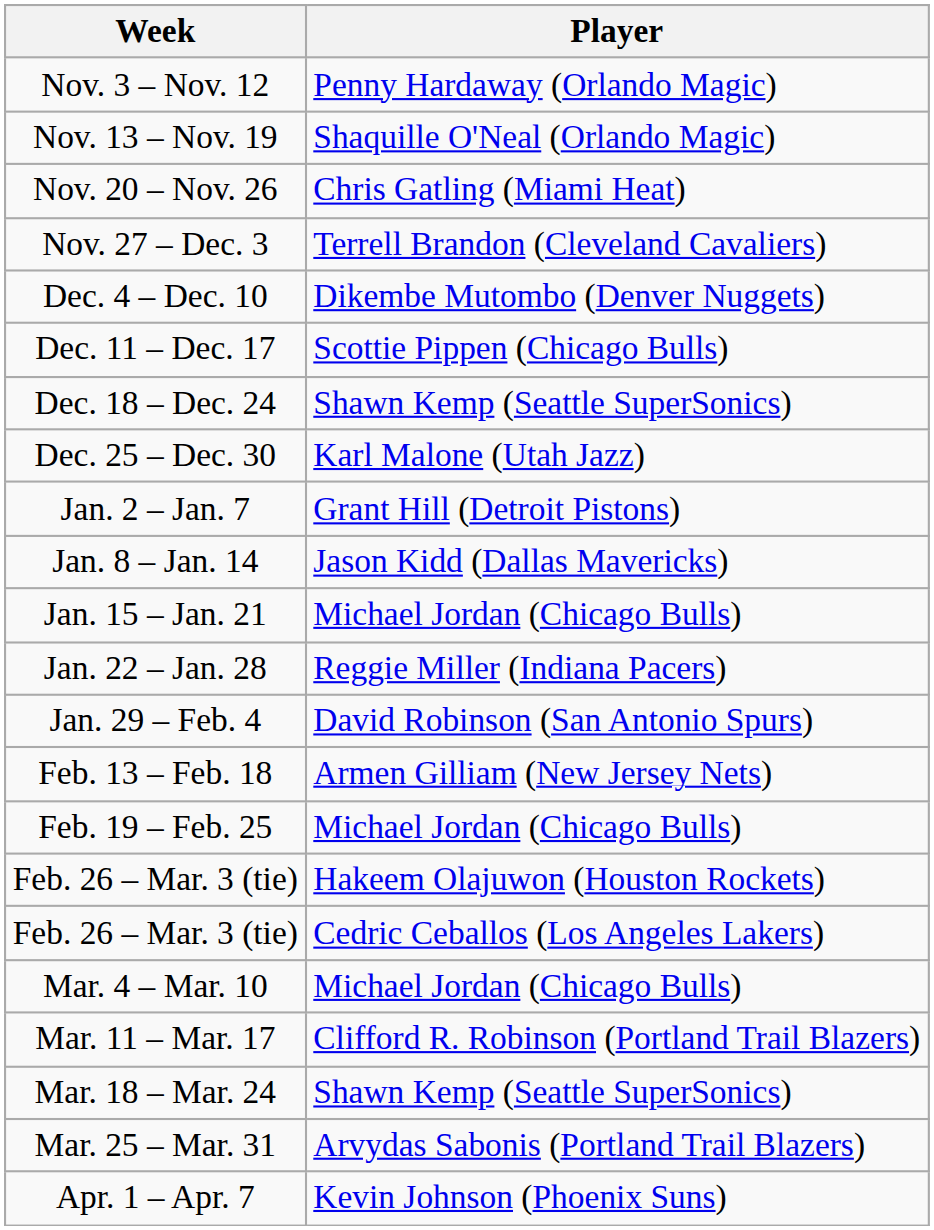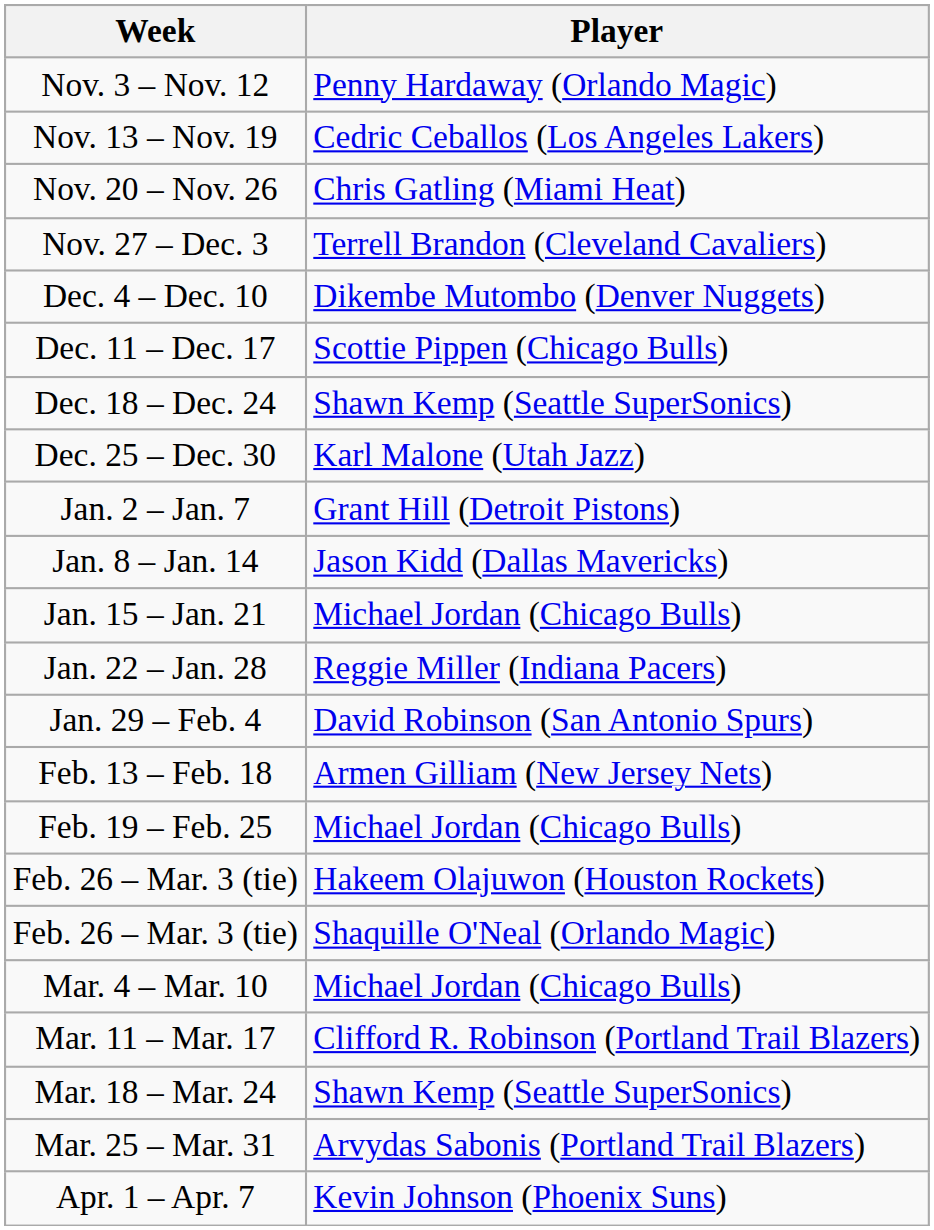 <table class="wikitable">
 <tr>
 <th>Week</th>
 <th>Player</th>
 </tr>
 <tr>
 <td align=center>Nov. 3 – Nov. 12</td>
 <td><a href='#'>Penny Hardaway</a> (<a href='#'>Orlando Magic</a>)</td>
 </tr>
 <tr>
 <td align=center>Nov. 13 – Nov. 19</td>
-<td><a href='#'>Shaquille O'Neal</a> (<a href='#'>Orlando Magic</a>)</td>
+<td><a href='#'>Cedric Ceballos</a> (<a href='#'>Los Angeles Lakers</a>)</td>
 </tr>
 <tr>
 <td align=center>Nov. 20 – Nov. 26</td>
 <td><a href='#'>Chris Gatling</a> (<a href='#'>Miami Heat</a>)</td>
 </tr>
 <tr>
 <td align=center>Nov. 27 – Dec. 3</td>
 <td><a href='#'>Terrell Brandon</a> (<a href='#'>Cleveland Cavaliers</a>)</td>
 </tr>
 <tr>
 <td align=center>Dec. 4 – Dec. 10</td>
 <td><a href='#'>Dikembe Mutombo</a> (<a href='#'>Denver Nuggets</a>)</td>
 </tr>
 <tr>
 <td align=center>Dec. 11 – Dec. 17</td>
 <td><a href='#'>Scottie Pippen</a> (<a href='#'>Chicago Bulls</a>)</td>
 </tr>
 <tr>
 <td align=center>Dec. 18 – Dec. 24</td>
 <td><a href='#'>Shawn Kemp</a> (<a href='#'>Seattle SuperSonics</a>)</td>
 </tr>
 <tr>
 <td align=center>Dec. 25 – Dec. 30</td>
 <td><a href='#'>Karl Malone</a> (<a href='#'>Utah Jazz</a>)</td>
 </tr>
 <tr>
 <td align=center>Jan. 2 – Jan. 7</td>
 <td><a href='#'>Grant Hill</a> (<a href='#'>Detroit Pistons</a>)</td>
 </tr>
 <tr>
 <td align=center>Jan. 8 – Jan. 14</td>
 <td><a href='#'>Jason Kidd</a> (<a href='#'>Dallas Mavericks</a>)</td>
 </tr>
 <tr>
 <td align=center>Jan. 15 – Jan. 21</td>
 <td><a href='#'>Michael Jordan</a> (<a href='#'>Chicago Bulls</a>)</td>
 </tr>
 <tr>
 <td align=center>Jan. 22 – Jan. 28</td>
 <td><a href='#'>Reggie Miller</a> (<a href='#'>Indiana Pacers</a>)</td>
 </tr>
 <tr>
 <td align=center>Jan. 29 – Feb. 4</td>
 <td><a href='#'>David Robinson</a> (<a href='#'>San Antonio Spurs</a>)</td>
 </tr>
 <tr>
 <td align=center>Feb. 13 – Feb. 18</td>
 <td><a href='#'>Armen Gilliam</a> (<a href='#'>New Jersey Nets</a>)</td>
 </tr>
 <tr>
 <td align=center>Feb. 19 – Feb. 25</td>
 <td><a href='#'>Michael Jordan</a> (<a href='#'>Chicago Bulls</a>)</td>
 </tr>
 <tr>
 <td align=center>Feb. 26 – Mar. 3 (tie)</td>
 <td><a href='#'>Hakeem Olajuwon</a> (<a href='#'>Houston Rockets</a>)</td>
 </tr>
 <tr>
 <td align=center>Feb. 26 – Mar. 3 (tie)</td>
-<td><a href='#'>Cedric Ceballos</a> (<a href='#'>Los Angeles Lakers</a>)</td>
+<td><a href='#'>Shaquille O'Neal</a> (<a href='#'>Orlando Magic</a>)</td>
 </tr>
 <tr>
 <td align=center>Mar. 4 – Mar. 10</td>
 <td><a href='#'>Michael Jordan</a> (<a href='#'>Chicago Bulls</a>)</td>
 </tr>
 <tr>
 <td align=center>Mar. 11 – Mar. 17</td>
 <td><a href='#'>Clifford R. Robinson</a> (<a href='#'>Portland Trail Blazers</a>)</td>
 </tr>
 <tr>
 <td align=center>Mar. 18 – Mar. 24</td>
 <td><a href='#'>Shawn Kemp</a> (<a href='#'>Seattle SuperSonics</a>)</td>
 </tr>
 <tr>
 <td align=center>Mar. 25 – Mar. 31</td>
 <td><a href='#'>Arvydas Sabonis</a> (<a href='#'>Portland Trail Blazers</a>)</td>
 </tr>
 <tr>
 <td align=center>Apr. 1 – Apr. 7</td>
 <td><a href='#'>Kevin Johnson</a> (<a href='#'>Phoenix Suns</a>)</td>
 </tr>
 </table>
